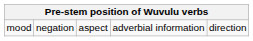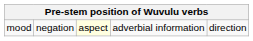 <table class="wikitable">
 <tr>
 <th colspan="5">Pre-stem position of Wuvulu verbs</th>
 </tr>
 <tr>
 <td>mood</td>
 <td>negation</td>
-<td>aspect</td>
+<td style="background: lightyellow;">aspect</td>
 <td>adverbial information</td>
 <td>direction</td>
 </tr>
 </table>
